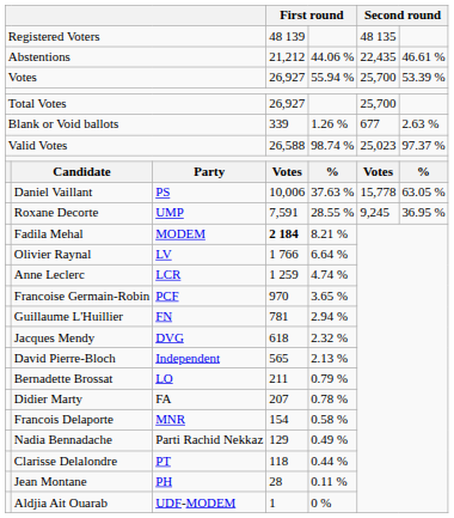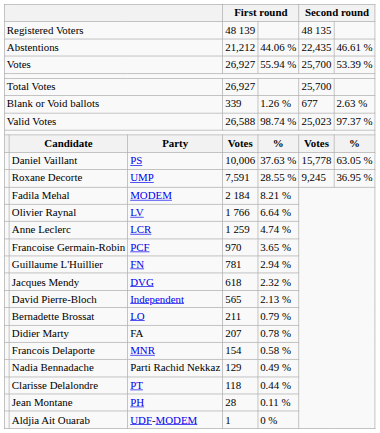 <table class="wikitable">
 <tr>
 <th colspan="3"></th>
 <th colspan="2">First round</th>
 <th colspan="2">Second round</th>
 </tr>
 <tr>
 <td colspan="3">Registered Voters</td>
 <td>48 139</td>
 <td></td>
 <td>48 135</td>
 <td></td>
 </tr>
 <tr>
 <td colspan="3">Abstentions</td>
 <td>21,212</td>
 <td>44.06 %</td>
 <td>22,435</td>
 <td>46.61 %</td>
 </tr>
 <tr>
 <td colspan="3">Votes</td>
 <td>26,927</td>
 <td>55.94 %</td>
 <td>25,700</td>
 <td>53.39 %</td>
 </tr>
 <tr>
 <td colspan="7"></td>
 </tr>
 <tr>
 <td colspan="3">Total Votes</td>
 <td>26,927</td>
 <td></td>
 <td>25,700</td>
 <td></td>
 </tr>
 <tr>
 <td colspan="3">Blank or Void ballots</td>
 <td>339</td>
 <td>1.26 %</td>
 <td>677</td>
 <td>2.63 %</td>
 </tr>
 <tr>
 <td colspan="3">Valid Votes</td>
 <td>26,588</td>
 <td>98.74 %</td>
 <td>25,023</td>
 <td>97.37 %</td>
 </tr>
 <tr>
 <td colspan="7"></td>
 </tr>
 <tr>
 <th></th>
 <th>Candidate</th>
 <th>Party</th>
 <th>Votes</th>
 <th>%</th>
 <th>Votes</th>
 <th>%</th>
 </tr>
 <tr>
 <td style="background-color: "></td>
 <td>Daniel Vaillant</td>
 <td><a href='#'>PS</a></td>
 <td>10,006</td>
 <td>37.63 %</td>
 <td>15,778</td>
 <td>63.05 %</td>
 </tr>
 <tr>
 <td style="background-color: "></td>
 <td>Roxane Decorte</td>
 <td><a href='#'>UMP</a></td>
 <td>7,591</td>
 <td>28.55 %</td>
 <td>9,245</td>
 <td>36.95 %</td>
 </tr>
 <tr>
 <td style="background-color:"></td>
 <td>Fadila Mehal</td>
 <td><a href='#'>MODEM</a></td>
-<td><strong>2 184</strong></td>
+<td>2 184</td>
 <td>8.21 %</td>
 </tr>
 <tr>
 <td style="background-color:"></td>
 <td>Olivier Raynal</td>
 <td><a href='#'>LV</a></td>
 <td>1 766</td>
 <td>6.64 %</td>
 </tr>
 <tr>
 <td style="background-color:"></td>
 <td>Anne Leclerc</td>
 <td><a href='#'>LCR</a></td>
 <td>1 259</td>
 <td>4.74 %</td>
 </tr>
 <tr>
 <td style="background-color:"></td>
 <td>Francoise Germain-Robin</td>
 <td><a href='#'>PCF</a></td>
 <td>970</td>
 <td>3.65 %</td>
 </tr>
 <tr>
 <td style="background-color:"></td>
 <td>Guillaume L'Huillier</td>
 <td><a href='#'>FN</a></td>
 <td>781</td>
 <td>2.94 %</td>
 </tr>
 <tr>
 <td></td>
 <td>Jacques Mendy</td>
 <td><a href='#'>DVG</a></td>
 <td>618</td>
 <td>2.32 %</td>
 </tr>
 <tr>
 <td></td>
 <td>David Pierre-Bloch</td>
 <td><a href='#'>Independent</a></td>
 <td>565</td>
 <td>2.13 %</td>
 </tr>
 <tr>
 <td style="background-color:"></td>
 <td>Bernadette Brossat</td>
 <td><a href='#'>LO</a></td>
 <td>211</td>
 <td>0.79 %</td>
 </tr>
 <tr>
 <td></td>
 <td>Didier Marty</td>
 <td><abbr>FA</abbr></td>
 <td>207</td>
 <td>0.78 %</td>
 </tr>
 <tr>
 <td style="background-color:"></td>
 <td>Francois Delaporte</td>
 <td><a href='#'>MNR</a></td>
 <td>154</td>
 <td>0.58 %</td>
 </tr>
 <tr>
 <td></td>
 <td>Nadia Bennadache</td>
 <td>Parti Rachid Nekkaz</td>
 <td>129</td>
 <td>0.49 %</td>
 </tr>
 <tr>
 <td style="background-color:"></td>
 <td>Clarisse Delalondre</td>
 <td><a href='#'>PT</a></td>
 <td>118</td>
 <td>0.44 %</td>
 </tr>
 <tr>
 <td style="background-color:"></td>
 <td>Jean Montane</td>
 <td><a href='#'>PH</a></td>
 <td>28</td>
 <td>0.11 %</td>
 </tr>
 <tr>
 <td></td>
 <td>Aldjia Ait Ouarab</td>
 <td><a href='#'>UDF</a>-<a href='#'>MODEM</a></td>
 <td>1</td>
 <td>0 %</td>
 </tr>
 </table>
